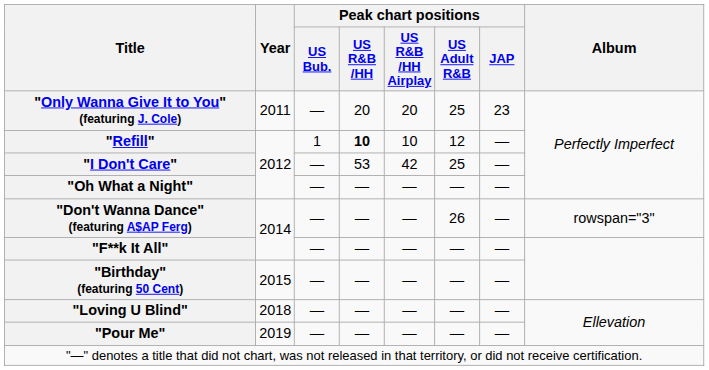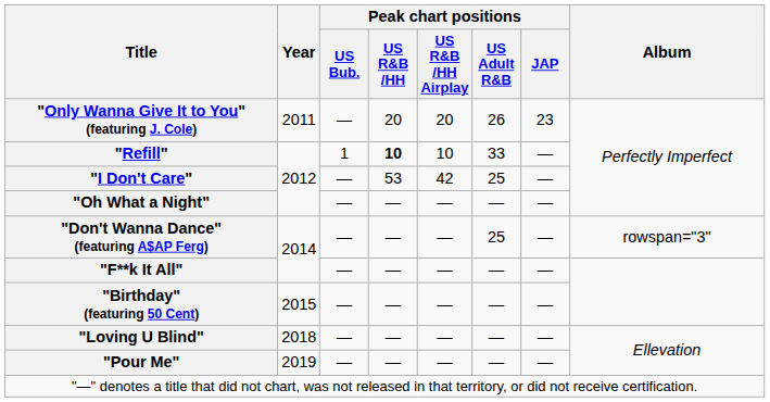 <table class="wikitable plainrowheaders" style="text-align:center;">
 <tr>
 <th scope="col" rowspan="2" style="width:17em;">Title</th>
 <th scope="col" rowspan="2">Year</th>
 <th scope="col" colspan="5">Peak chart positions</th>
 <th scope="col" rowspan="2" style="width:12em;">Album</th>
 </tr>
 <tr>
 <th scope="col" style="width:3em;font-size:90%;"><a href='#'>US<br>Bub.</a><br></th>
 <th scope="col" style="width:3em;font-size:90%;"><a href='#'>US<br>R&B<br>/HH</a><br></th>
 <th scope="col" style="width:3em;font-size:90%;"><a href='#'>US<br>R&B<br>/HH<br>Airplay</a><br></th>
 <th scope="col" style="width:3em;font-size:90%;"><a href='#'>US<br>Adult<br>R&B</a><br></th>
 <th scope="col" style="width:3em;font-size:90%;"><a href='#'>JAP</a><br></th>
 </tr>
 <tr>
 <th scope="row">"<a href='#'>Only Wanna Give It to You</a>"<br><small>(featuring <a href='#'>J. Cole</a>)</small></th>
 <td>2011</td>
 <td>—</td>
 <td>20</td>
 <td>20</td>
-<td>25</td>
+<td>26</td>
 <td>23</td>
 <td rowspan="4"><em>Perfectly Imperfect</em></td>
 </tr>
 <tr>
 <th scope="row">"<a href='#'>Refill</a>"</th>
 <td rowspan="3">2012</td>
 <td>1</td>
 <td><strong>10</strong></td>
 <td>10</td>
-<td>12</td>
+<td>33</td>
 <td>—</td>
 </tr>
 <tr>
 <th scope="row">"<a href='#'>I Don't Care</a>"</th>
 <td>—</td>
 <td>53</td>
 <td>42</td>
 <td>25</td>
 <td>—</td>
 </tr>
 <tr>
 <th scope="row">"Oh What a Night"</th>
 <td>—</td>
 <td>—</td>
 <td>—</td>
 <td>—</td>
 <td>—</td>
 </tr>
 <tr>
 <th scope="row">"Don't Wanna Dance"<br><small>(featuring <a href='#'>A$AP Ferg</a>)</small></th>
 <td rowspan="2">2014</td>
 <td>—</td>
 <td>—</td>
 <td>—</td>
-<td>26</td>
+<td>25</td>
 <td>—</td>
 <td>rowspan="3" </td>
 </tr>
 <tr>
 <th scope="row">"F**k It All"</th>
 <td>—</td>
 <td>—</td>
 <td>—</td>
 <td>—</td>
 <td>—</td>
 </tr>
 <tr>
 <th scope="row">"Birthday"<br><small>(featuring <a href='#'>50 Cent</a>)</small></th>
 <td>2015</td>
 <td>—</td>
 <td>—</td>
 <td>—</td>
 <td>—</td>
 <td>—</td>
 </tr>
 <tr>
 <th scope="row">"Loving U Blind"</th>
 <td>2018</td>
 <td>—</td>
 <td>—</td>
 <td>—</td>
 <td>—</td>
 <td>—</td>
 <td rowspan="2"><em>Ellevation</em></td>
 </tr>
 <tr>
 <th scope="row">"Pour Me"<br></th>
 <td>2019</td>
 <td>—</td>
 <td>—</td>
 <td>—</td>
 <td>—</td>
 <td>—</td>
 </tr>
 <tr>
 <td colspan="10" style="font-size:90%">"—" denotes a title that did not chart, was not released in that territory, or did not receive certification.</td>
 </tr>
 </table>
